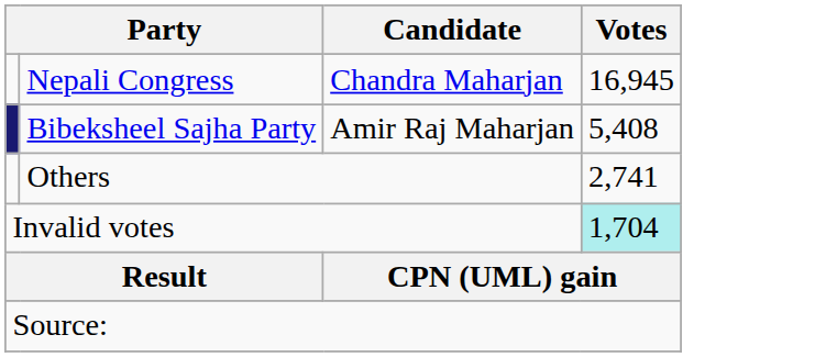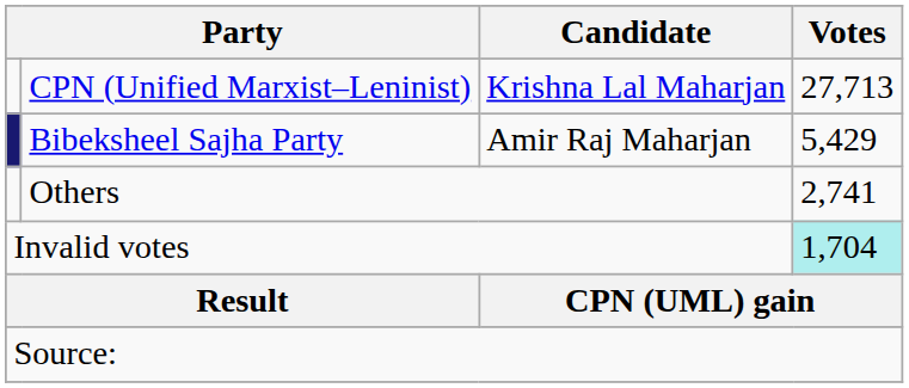 <table class="wikitable">
 <tr>
 <th colspan="2">Party</th>
 <th>Candidate</th>
 <th>Votes</th>
 </tr>
 <tr>
 <td style="background-color:"></td>
-<td><a href='#'>Nepali Congress</a></td>
-<td><a href='#'>Chandra Maharjan</a></td>
-<td>16,945</td>
+<td><a href='#'>CPN (Unified Marxist–Leninist)</a></td>
+<td><a href='#'>Krishna Lal Maharjan</a></td>
+<td>27,713</td>
 </tr>
 <tr>
 <td style="background-color:midnightblue"></td>
 <td><a href='#'>Bibeksheel Sajha Party</a></td>
 <td>Amir Raj Maharjan</td>
-<td>5,408</td>
+<td>5,429</td>
 </tr>
 <tr>
 <td></td>
 <td colspan="2">Others</td>
 <td>2,741</td>
 </tr>
 <tr>
 <td colspan="3">Invalid votes</td>
 <td style="background: paleturquoise;">1,704</td>
 </tr>
 <tr>
 <th colspan="2">Result</th>
 <th colspan="2">CPN (UML) gain</th>
 </tr>
 <tr>
 <td colspan="4">Source: </td>
 </tr>
 </table>
